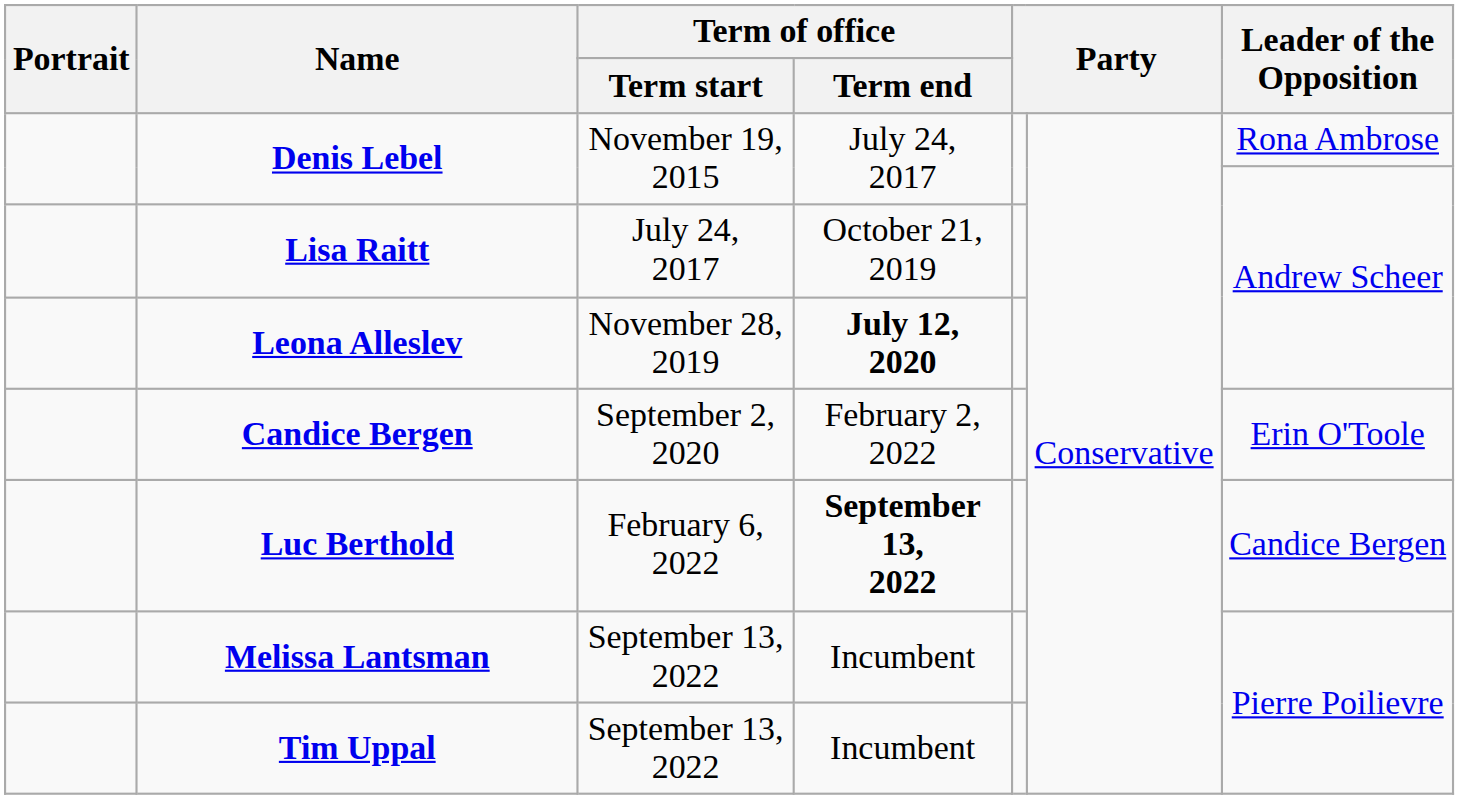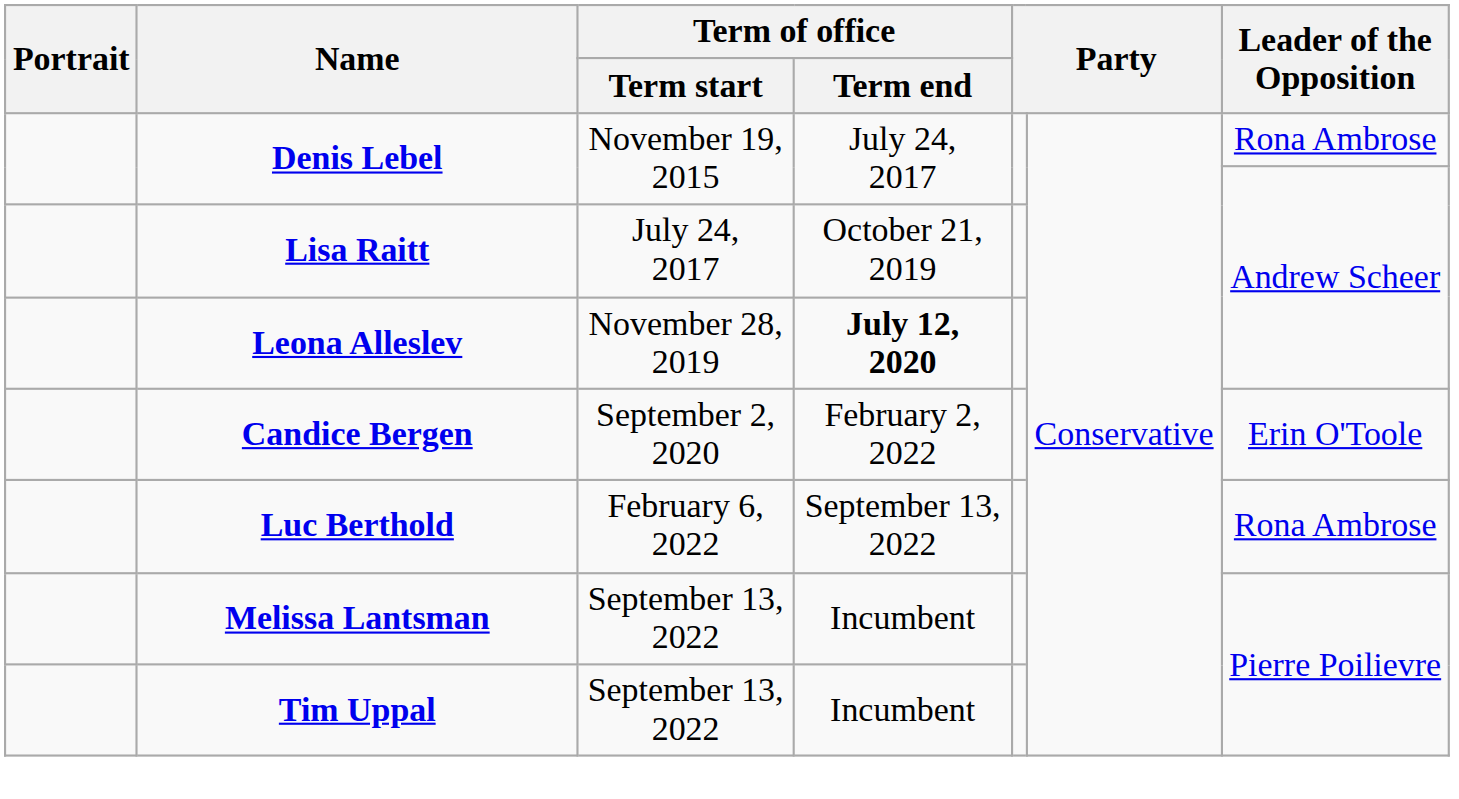 <table class="wikitable sortable sticky-header-multi" style=text-align:center;">
 <tr>
 <th rowspan="2" scope="col">Portrait</th>
 <th rowspan="2" scope="col" width="200px">Name<br></th>
 <th colspan="2" scope="col" width="100px">Term of office</th>
 <th colspan="2" rowspan="2">Party</th>
 <th rowspan="2">Leader of the<br>Opposition</th>
 </tr>
 <tr>
 <th width="95px">Term start</th>
 <th width="95px">Term end</th>
 </tr>
 <tr>
 <td rowspan="2"></td>
 <td rowspan="2"><strong><a href='#'>Denis Lebel</a></strong><br></td>
 <td rowspan="2">November 19,<br>2015</td>
 <td rowspan="2">July 24,<br>2017</td>
 <td rowspan="2" style="background:"></td>
 <td rowspan="8"><a href='#'>Conservative</a></td>
 <td><a href='#'>Rona Ambrose</a></td>
 </tr>
 <tr>
 <td rowspan="3"><a href='#'>Andrew Scheer</a></td>
 </tr>
 <tr>
 <td></td>
 <td><strong><a href='#'>Lisa Raitt</a></strong><br></td>
 <td>July 24,<br>2017</td>
 <td>October 21,<br>2019</td>
 <td style="background:"></td>
 </tr>
 <tr>
 <td></td>
 <td><strong><a href='#'>Leona Alleslev</a></strong><br></td>
 <td>November 28,<br>2019</td>
 <td><strong>July 12,<br>2020</strong></td>
 <td style="background:"></td>
 </tr>
 <tr>
 <td></td>
 <td><a href='#'><strong>Candice Bergen</strong></a><br></td>
 <td>September 2,<br>2020</td>
 <td>February 2,<br>2022</td>
 <td style="background:"></td>
 <td><a href='#'>Erin O'Toole</a></td>
 </tr>
 <tr>
 <td></td>
 <td><strong><a href='#'>Luc Berthold</a></strong><br></td>
 <td>February 6,<br>2022</td>
-<td><strong>September 13,<br>2022</strong></td>
+<td>September 13,<br>2022</td>
 <td style="background:"></td>
-<td><a href='#'>Candice Bergen</a></td>
+<td><a href='#'>Rona Ambrose</a></td>
 </tr>
 <tr>
 <td></td>
 <td><strong><a href='#'>Melissa Lantsman</a></strong><br></td>
 <td>September 13,<br>2022</td>
 <td>Incumbent</td>
 <td style="background:"></td>
 <td rowspan="2"><a href='#'>Pierre Poilievre</a></td>
 </tr>
 <tr>
 <td></td>
 <td><strong><a href='#'>Tim Uppal</a></strong><br></td>
 <td>September 13,<br>2022</td>
 <td>Incumbent</td>
 <td style="background:"></td>
 </tr>
 </table>
